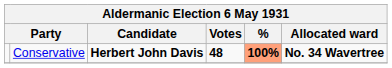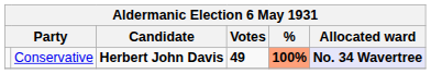 <table class="wikitable">
 <tr>
 <th colspan="6"><strong>Aldermanic Election 6 May 1931</strong></th>
 </tr>
 <tr>
 <th colspan="2">Party</th>
 <th>Candidate</th>
 <th>Votes</th>
 <th>%</th>
 <th>Allocated ward</th>
 </tr>
 <tr>
 <td style="background-color:"></td>
 <td><a href='#'>Conservative</a></td>
 <td><strong>Herbert John Davis</strong></td>
-<td><strong>48</strong></td>
+<td><strong>49</strong></td>
 <td style="background: lightsalmon;"><strong>100%</strong></td>
-<td><strong>No. 34 Wavertree</strong></td>
+<td style="background: lavender;"><strong>No. 34 Wavertree</strong></td>
 </tr>
 <tr>
 </tr>
 </table>
